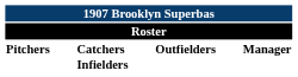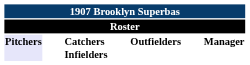 <table class="toccolours" style="font-size: 95%;">
 <tr>
 <th colspan="10" style="background-color: #083c6b; color: white; text-align: center;">1907 Brooklyn Superbas</th>
 </tr>
 <tr>
 <td colspan="10" style="background-color: black; color: white; text-align: center;"><strong>Roster</strong></td>
 </tr>
 <tr>
-<td valign="top"><strong>Pitchers</strong><br>       </td>
+<td valign="top" style="background: lavender;"><strong>Pitchers</strong><br>       </td>
 <td width="25px"></td>
 <td valign="top"><strong>Catchers</strong><br>    <strong>Infielders</strong>     </td>
 <td width="25px"></td>
 <td valign="top"><strong>Outfielders</strong><br>      </td>
 <td width="25px"></td>
 <td valign="top"><strong>Manager</strong><br></td>
 </tr>
 </table>
